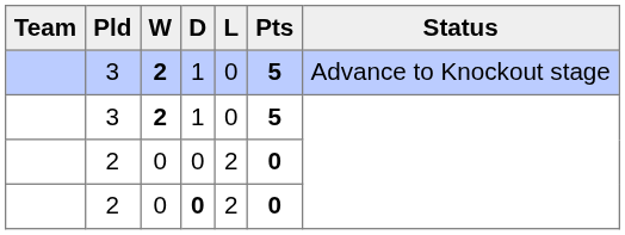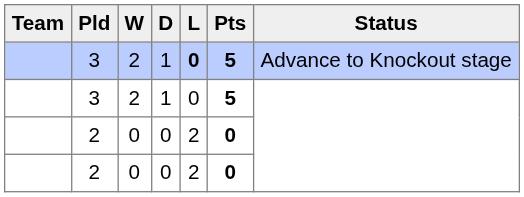 <table style=border-collapse:collapse border=1 cellspacing=0 cellpadding=5>
 <tr align=center bgcolor=#efefef>
 <th>Team</th>
 <th>Pld</th>
 <th>W</th>
 <th>D</th>
 <th>L</th>
 <th>Pts</th>
 <th>Status</th>
 </tr>
 <tr align=center style="background:#bbccff;">
 <td style="text-align:left;"> </td>
 <td>3</td>
-<td><strong>2</strong></td>
+<td>2</td>
 <td>1</td>
-<td>0</td>
+<td><strong>0</strong></td>
 <td><strong>5</strong></td>
 <td rowspan=1>Advance to Knockout stage</td>
 </tr>
 <tr align=center style="background:#FFFFFF;">
 <td style="text-align:left;"> </td>
 <td>3</td>
-<td><strong>2</strong></td>
+<td>2</td>
 <td>1</td>
 <td>0</td>
 <td><strong>5</strong></td>
 <td rowspan=3></td>
 </tr>
 <tr align=center style="background:#FFFFFF;">
 <td style="text-align:left;"> </td>
 <td>2</td>
 <td>0</td>
 <td>0</td>
 <td>2</td>
 <td><strong>0</strong></td>
 </tr>
 <tr align=center style="background:#FFFFFF;">
 <td style="text-align:left;"> </td>
 <td>2</td>
 <td>0</td>
-<td><strong>0</strong></td>
+<td>0</td>
 <td>2</td>
 <td><strong>0</strong></td>
 </tr>
 </table>
